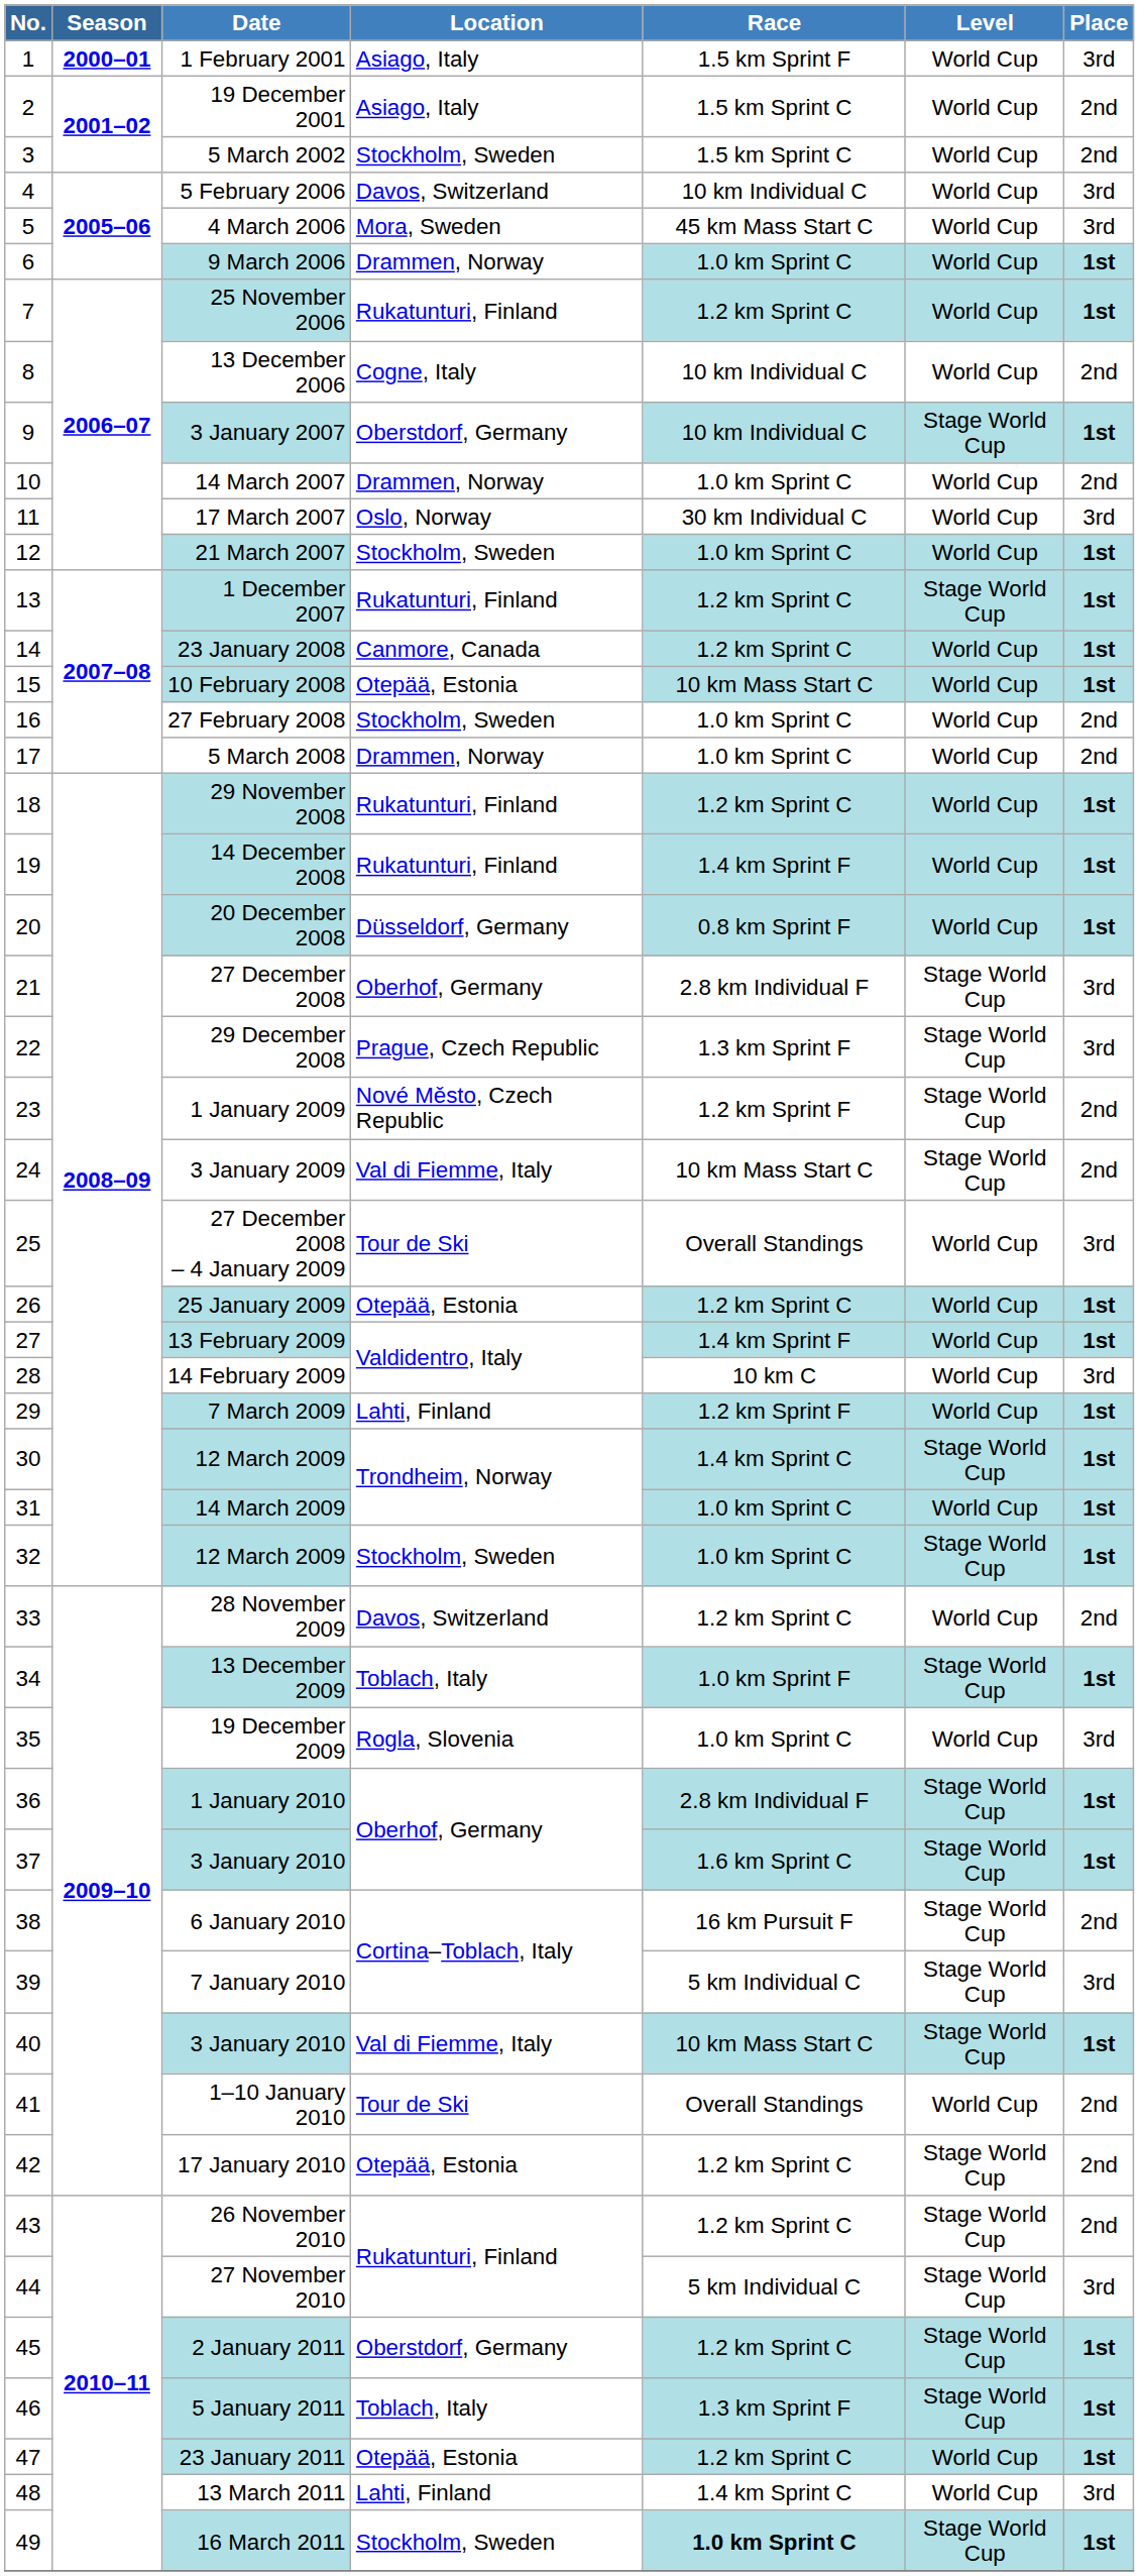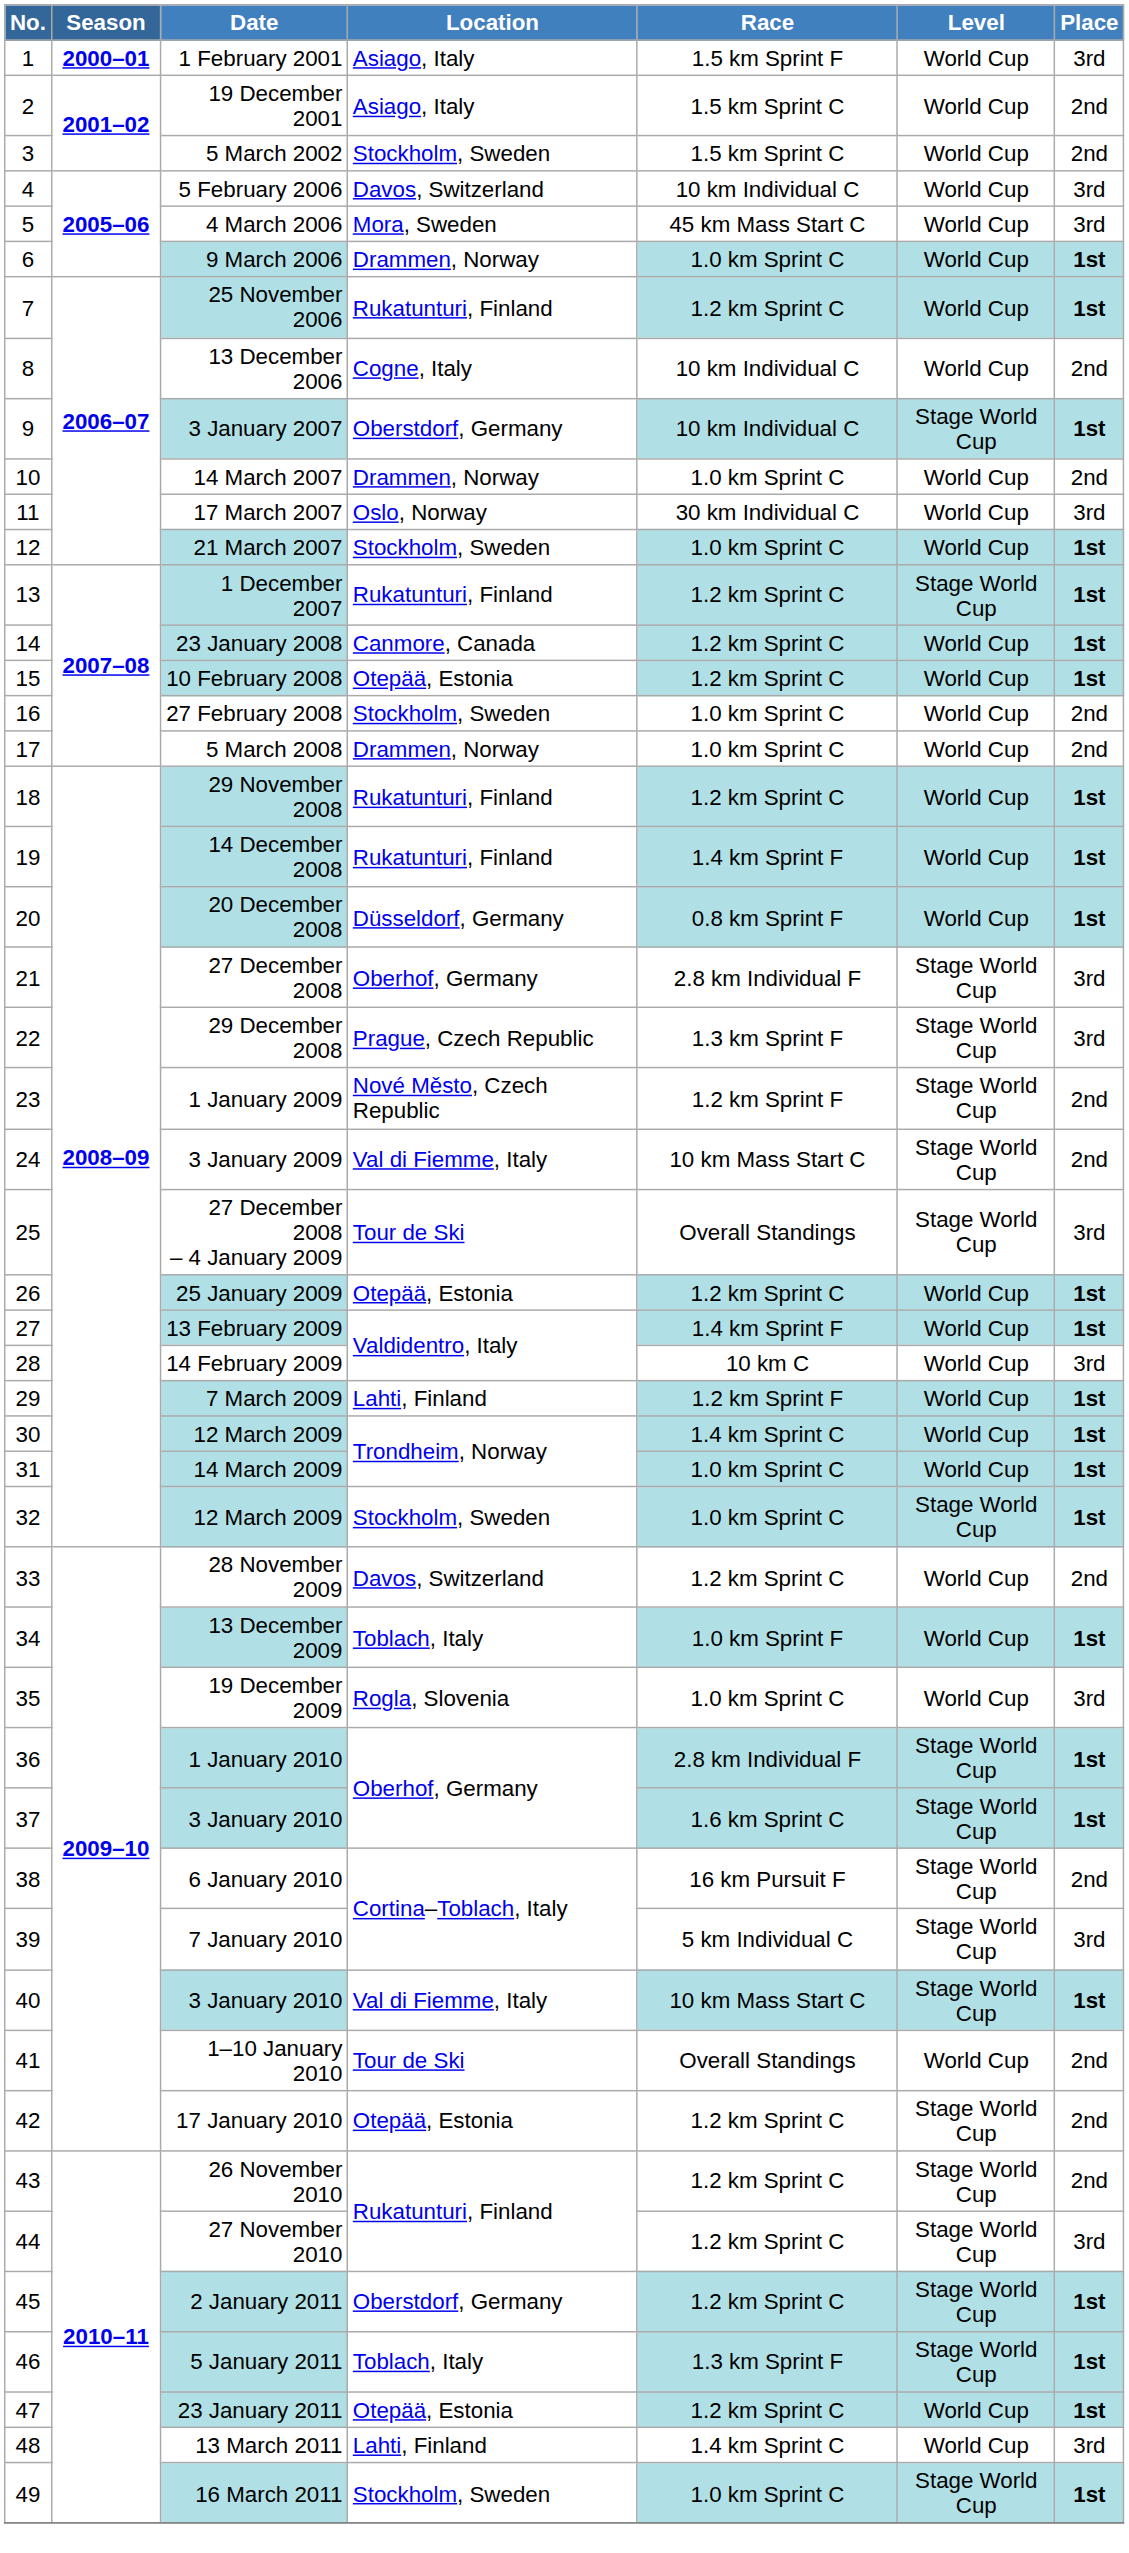 <table class="wikitable sortable" style="font-size:95%; text-align:center; border:grey solid 1px; border-collapse:collapse; background:#ffffff;">
 <tr style="background:#efefef;">
 <th style="background-color:#369; color:white;">No.</th>
 <th style="background-color:#369; color:white;">Season</th>
 <th style="background-color:#4180be; color:white; width:120px;">Date</th>
 <th style="background-color:#4180be; color:white; width:190px;">Location</th>
 <th style="background-color:#4180be; color:white; width:170px;">Race</th>
 <th style="background-color:#4180be; color:white; width:100px;">Level</th>
 <th style="background-color:#4180be; color:white;">Place</th>
 </tr>
 <tr>
 <td align=center>1</td>
 <td rowspan=1 align=center><strong> <a href='#'>2000–01</a> </strong></td>
 <td align=right>1 February 2001</td>
 <td align=left> <a href='#'>Asiago</a>, Italy</td>
 <td>1.5 km Sprint F</td>
 <td>World Cup</td>
 <td>3rd</td>
 </tr>
 <tr>
 <td align=center>2</td>
 <td rowspan=2 align=center><strong> <a href='#'>2001–02</a> </strong></td>
 <td align=right>19 December 2001</td>
 <td align=left> <a href='#'>Asiago</a>, Italy</td>
 <td>1.5 km Sprint C</td>
 <td>World Cup</td>
 <td>2nd</td>
 </tr>
 <tr>
 <td align=center>3</td>
 <td align=right>5 March 2002</td>
 <td align=left> <a href='#'>Stockholm</a>, Sweden</td>
 <td>1.5 km Sprint C</td>
 <td>World Cup</td>
 <td>2nd</td>
 </tr>
 <tr>
 <td align=center>4</td>
 <td rowspan=3 align=center><strong> <a href='#'>2005–06</a> </strong></td>
 <td align=right>5 February 2006</td>
 <td align=left> <a href='#'>Davos</a>, Switzerland</td>
 <td>10 km Individual C</td>
 <td>World Cup</td>
 <td>3rd</td>
 </tr>
 <tr>
 <td align=center>5</td>
 <td align=right>4 March 2006</td>
 <td align=left> <a href='#'>Mora</a>, Sweden</td>
 <td>45 km Mass Start C</td>
 <td>World Cup</td>
 <td>3rd</td>
 </tr>
 <tr>
 <td align=center>6</td>
 <td bgcolor="#BOEOE6" align=right>9 March 2006</td>
 <td align=left> <a href='#'>Drammen</a>, Norway</td>
 <td bgcolor="#BOEOE6">1.0 km Sprint C</td>
 <td bgcolor="#BOEOE6">World Cup</td>
 <td bgcolor="#BOEOE6"><strong>1st</strong></td>
 </tr>
 <tr>
 <td align=center>7</td>
 <td rowspan=6 align=center><strong><a href='#'>2006–07</a></strong></td>
 <td bgcolor="#BOEOE6" align=right>25 November 2006</td>
 <td align=left> <a href='#'>Rukatunturi</a>, Finland</td>
 <td bgcolor="#BOEOE6">1.2 km Sprint C</td>
 <td bgcolor="#BOEOE6">World Cup</td>
 <td bgcolor="#BOEOE6"><strong>1st</strong></td>
 </tr>
 <tr>
 <td align=center>8</td>
 <td align=right>13 December 2006</td>
 <td align=left> <a href='#'>Cogne</a>, Italy</td>
 <td>10 km Individual C</td>
 <td>World Cup</td>
 <td>2nd</td>
 </tr>
 <tr>
 <td align=center>9</td>
 <td bgcolor="#BOEOE6" align=right>3 January 2007</td>
 <td align=left> <a href='#'>Oberstdorf</a>, Germany</td>
 <td bgcolor="#BOEOE6">10 km Individual C</td>
 <td bgcolor="#BOEOE6">Stage World Cup</td>
 <td bgcolor="#BOEOE6"><strong>1st</strong></td>
 </tr>
 <tr>
 <td align=center>10</td>
 <td align=right>14  March 2007</td>
 <td align=left> <a href='#'>Drammen</a>, Norway</td>
 <td>1.0 km Sprint C</td>
 <td>World Cup</td>
 <td>2nd</td>
 </tr>
 <tr>
 <td align=center>11</td>
 <td align=right>17  March 2007</td>
 <td align=left> <a href='#'>Oslo</a>, Norway</td>
 <td>30 km Individual C</td>
 <td>World Cup</td>
 <td>3rd</td>
 </tr>
 <tr>
 <td align=center>12</td>
 <td bgcolor="#BOEOE6" align=right>21 March 2007</td>
 <td align=left> <a href='#'>Stockholm</a>, Sweden</td>
 <td bgcolor="#BOEOE6">1.0 km Sprint C</td>
 <td bgcolor="#BOEOE6">World Cup</td>
 <td bgcolor="#BOEOE6"><strong>1st</strong></td>
 </tr>
 <tr>
 <td align=center>13</td>
 <td rowspan=5 align=center><strong><a href='#'>2007–08</a></strong></td>
 <td bgcolor="#BOEOE6" align=right>1 December 2007</td>
 <td align=left> <a href='#'>Rukatunturi</a>, Finland</td>
 <td bgcolor="#BOEOE6">1.2 km Sprint C</td>
 <td bgcolor="#BOEOE6">Stage World Cup</td>
 <td bgcolor="#BOEOE6"><strong>1st</strong></td>
 </tr>
 <tr>
 <td align=center>14</td>
 <td bgcolor="#BOEOE6" align=right>23 January 2008</td>
 <td align=left> <a href='#'>Canmore</a>, Canada</td>
 <td bgcolor="#BOEOE6">1.2 km Sprint C</td>
 <td bgcolor="#BOEOE6">World Cup</td>
 <td bgcolor="#BOEOE6"><strong>1st</strong></td>
 </tr>
 <tr>
 <td align=center>15</td>
 <td bgcolor="#BOEOE6" align=right>10 February 2008</td>
 <td align=left> <a href='#'>Otepää</a>, Estonia</td>
-<td bgcolor="#BOEOE6">10 km Mass Start C</td>
+<td bgcolor="#BOEOE6">1.2 km Sprint C</td>
 <td bgcolor="#BOEOE6">World Cup</td>
 <td bgcolor="#BOEOE6"><strong>1st</strong></td>
 </tr>
 <tr>
 <td align=center>16</td>
 <td align=right>27 February 2008</td>
 <td align=left> <a href='#'>Stockholm</a>, Sweden</td>
 <td>1.0 km Sprint C</td>
 <td>World Cup</td>
 <td>2nd</td>
 </tr>
 <tr>
 <td align=center>17</td>
 <td align=right>5  March 2008</td>
 <td align=left> <a href='#'>Drammen</a>, Norway</td>
 <td>1.0 km Sprint C</td>
 <td>World Cup</td>
 <td>2nd</td>
 </tr>
 <tr>
 <td align=center>18</td>
 <td rowspan=15 align=center><strong><a href='#'>2008–09</a></strong></td>
 <td bgcolor="#BOEOE6" align=right>29 November 2008</td>
 <td align=left> <a href='#'>Rukatunturi</a>, Finland</td>
 <td bgcolor="#BOEOE6">1.2 km Sprint C</td>
 <td bgcolor="#BOEOE6">World Cup</td>
 <td bgcolor="#BOEOE6"><strong>1st</strong></td>
 </tr>
 <tr>
 <td align=center>19</td>
 <td bgcolor="#BOEOE6" align=right>14 December 2008</td>
 <td align=left> <a href='#'>Rukatunturi</a>, Finland</td>
 <td bgcolor="#BOEOE6">1.4 km Sprint F</td>
 <td bgcolor="#BOEOE6">World Cup</td>
 <td bgcolor="#BOEOE6"><strong>1st</strong></td>
 </tr>
 <tr>
 <td align=center>20</td>
 <td bgcolor="#BOEOE6" align=right>20 December 2008</td>
 <td align=left> <a href='#'>Düsseldorf</a>, Germany</td>
 <td bgcolor="#BOEOE6">0.8 km Sprint F</td>
 <td bgcolor="#BOEOE6">World Cup</td>
 <td bgcolor="#BOEOE6"><strong>1st</strong></td>
 </tr>
 <tr>
 <td align=center>21</td>
 <td align=right>27 December 2008</td>
 <td align=left> <a href='#'>Oberhof</a>, Germany</td>
 <td>2.8 km Individual F</td>
 <td>Stage World Cup</td>
 <td>3rd</td>
 </tr>
 <tr>
 <td align=center>22</td>
 <td align=right>29 December 2008</td>
 <td align=left> <a href='#'>Prague</a>, Czech Republic</td>
 <td>1.3 km Sprint F</td>
 <td>Stage World Cup</td>
 <td>3rd</td>
 </tr>
 <tr>
 <td align=center>23</td>
 <td align=right>1 January 2009</td>
 <td align=left> <a href='#'>Nové Město</a>, Czech Republic</td>
 <td>1.2 km Sprint F</td>
 <td>Stage World Cup</td>
 <td>2nd</td>
 </tr>
 <tr>
 <td align=center>24</td>
 <td align=right>3 January 2009</td>
 <td align=left> <a href='#'>Val di Fiemme</a>, Italy</td>
 <td>10 km Mass Start C</td>
 <td>Stage World Cup</td>
 <td>2nd</td>
 </tr>
 <tr>
 <td align=center>25</td>
 <td align=right>27 December 2008<br> – 4 January 2009</td>
 <td align=left> <a href='#'>Tour de Ski</a></td>
 <td>Overall Standings</td>
-<td>World Cup</td>
+<td>Stage World Cup</td>
 <td>3rd</td>
 </tr>
 <tr>
 <td align=center>26</td>
 <td bgcolor="#BOEOE6" align=right>25 January 2009</td>
 <td align=left> <a href='#'>Otepää</a>, Estonia</td>
 <td bgcolor="#BOEOE6">1.2 km Sprint C</td>
 <td bgcolor="#BOEOE6">World Cup</td>
 <td bgcolor="#BOEOE6"><strong>1st</strong></td>
 </tr>
 <tr>
 <td align=center>27</td>
 <td bgcolor="#BOEOE6" align=right>13 February 2009</td>
 <td rowspan=2 align=left> <a href='#'>Valdidentro</a>, Italy</td>
 <td bgcolor="#BOEOE6">1.4 km Sprint F</td>
 <td bgcolor="#BOEOE6">World Cup</td>
 <td bgcolor="#BOEOE6"><strong>1st</strong></td>
 </tr>
 <tr>
 <td align=center>28</td>
 <td align=right>14 February 2009</td>
 <td>10 km C</td>
 <td>World Cup</td>
 <td>3rd</td>
 </tr>
 <tr>
 <td align=center>29</td>
 <td bgcolor="#BOEOE6" align=right>7 March 2009</td>
 <td align=left> <a href='#'>Lahti</a>, Finland</td>
 <td bgcolor="#BOEOE6">1.2 km Sprint F</td>
 <td bgcolor="#BOEOE6">World Cup</td>
 <td bgcolor="#BOEOE6"><strong>1st</strong></td>
 </tr>
 <tr>
 <td align=center>30</td>
 <td bgcolor="#BOEOE6" align=right>12 March 2009</td>
 <td rowspan=2 align=left> <a href='#'>Trondheim</a>, Norway</td>
 <td bgcolor="#BOEOE6">1.4 km Sprint C</td>
-<td bgcolor="#BOEOE6">Stage World Cup</td>
+<td bgcolor="#BOEOE6">World Cup</td>
 <td bgcolor="#BOEOE6"><strong>1st</strong></td>
 </tr>
 <tr>
 <td align=center>31</td>
 <td bgcolor="#BOEOE6" align=right>14 March 2009</td>
 <td bgcolor="#BOEOE6">1.0 km Sprint C</td>
 <td bgcolor="#BOEOE6">World Cup</td>
 <td bgcolor="#BOEOE6"><strong>1st</strong></td>
 </tr>
 <tr>
 <td align=center>32</td>
 <td bgcolor="#BOEOE6" align=right>12 March 2009</td>
 <td align=left> <a href='#'>Stockholm</a>, Sweden</td>
 <td bgcolor="#BOEOE6">1.0 km Sprint C</td>
 <td bgcolor="#BOEOE6">Stage World Cup</td>
 <td bgcolor="#BOEOE6"><strong>1st</strong></td>
 </tr>
 <tr>
 <td align=center>33</td>
 <td rowspan=10 align=center><strong> <a href='#'>2009–10</a> </strong></td>
 <td align=right>28 November 2009</td>
 <td align=left> <a href='#'>Davos</a>, Switzerland</td>
 <td>1.2 km Sprint C</td>
 <td>World Cup</td>
 <td>2nd</td>
 </tr>
 <tr>
 <td align=center>34</td>
 <td bgcolor="#BOEOE6" align=right>13 December 2009</td>
 <td align=left> <a href='#'>Toblach</a>, Italy</td>
 <td bgcolor="#BOEOE6">1.0 km Sprint F</td>
-<td bgcolor="#BOEOE6">Stage World Cup</td>
+<td bgcolor="#BOEOE6">World Cup</td>
 <td bgcolor="#BOEOE6"><strong>1st</strong></td>
 </tr>
 <tr>
 <td align=center>35</td>
 <td align=right>19 December 2009</td>
 <td align=left> <a href='#'>Rogla</a>, Slovenia</td>
 <td>1.0 km Sprint C</td>
 <td>World Cup</td>
 <td>3rd</td>
 </tr>
 <tr>
 <td align=center>36</td>
 <td bgcolor="#BOEOE6" align=right>1 January 2010</td>
 <td rowspan=2 align=left> <a href='#'>Oberhof</a>, Germany</td>
 <td bgcolor="#BOEOE6">2.8 km Individual F</td>
 <td bgcolor="#BOEOE6">Stage World Cup</td>
 <td bgcolor="#BOEOE6"><strong>1st</strong></td>
 </tr>
 <tr>
 <td align=center>37</td>
 <td bgcolor="#BOEOE6" align=right>3 January 2010</td>
 <td bgcolor="#BOEOE6">1.6 km Sprint C</td>
 <td bgcolor="#BOEOE6">Stage World Cup</td>
 <td bgcolor="#BOEOE6"><strong>1st</strong></td>
 </tr>
 <tr>
 <td align=center>38</td>
 <td align=right>6 January 2010</td>
 <td rowspan=2 align=left> <a href='#'>Cortina</a>–<a href='#'>Toblach</a>, Italy</td>
 <td>16 km Pursuit F</td>
 <td>Stage World Cup</td>
 <td>2nd</td>
 </tr>
 <tr>
 <td align=center>39</td>
 <td align=right>7 January 2010</td>
 <td>5 km Individual C</td>
 <td>Stage World Cup</td>
 <td>3rd</td>
 </tr>
 <tr>
 <td align=center>40</td>
 <td bgcolor="#BOEOE6" align=right>3 January 2010</td>
 <td align=left> <a href='#'>Val di Fiemme</a>, Italy</td>
 <td bgcolor="#BOEOE6">10 km Mass Start C</td>
 <td bgcolor="#BOEOE6">Stage World Cup</td>
 <td bgcolor="#BOEOE6"><strong>1st</strong></td>
 </tr>
 <tr>
 <td align=center>41</td>
 <td align=right>1–10 January 2010</td>
 <td align=left> <a href='#'>Tour de Ski</a></td>
 <td>Overall Standings</td>
 <td>World Cup</td>
 <td>2nd</td>
 </tr>
 <tr>
 <td align=center>42</td>
 <td align=right>17 January 2010</td>
 <td align=left> <a href='#'>Otepää</a>, Estonia</td>
 <td>1.2 km Sprint C</td>
 <td>Stage World Cup</td>
 <td>2nd</td>
 </tr>
 <tr>
 <td align=center>43</td>
 <td rowspan=7 align=center><strong> <a href='#'>2010–11</a> </strong></td>
 <td align=right>26 November 2010</td>
 <td rowspan=2 align=left> <a href='#'>Rukatunturi</a>, Finland</td>
 <td>1.2 km Sprint C</td>
 <td>Stage World Cup</td>
 <td>2nd</td>
 </tr>
 <tr>
 <td align=center>44</td>
 <td align=right>27 November 2010</td>
-<td>5 km Individual C</td>
+<td>1.2 km Sprint C</td>
 <td>Stage World Cup</td>
 <td>3rd</td>
 </tr>
 <tr>
 <td align=center>45</td>
 <td bgcolor="#BOEOE6" align=right>2 January 2011</td>
 <td align=left> <a href='#'>Oberstdorf</a>, Germany</td>
 <td bgcolor="#BOEOE6">1.2 km Sprint C</td>
 <td bgcolor="#BOEOE6">Stage World Cup</td>
 <td bgcolor="#BOEOE6"><strong>1st</strong></td>
 </tr>
 <tr>
 <td align=center>46</td>
 <td bgcolor="#BOEOE6" align=right>5 January 2011</td>
 <td align=left> <a href='#'>Toblach</a>, Italy</td>
 <td bgcolor="#BOEOE6">1.3 km Sprint F</td>
 <td bgcolor="#BOEOE6">Stage World Cup</td>
 <td bgcolor="#BOEOE6"><strong>1st</strong></td>
 </tr>
 <tr>
 <td align=center>47</td>
 <td bgcolor="#BOEOE6" align=right>23 January 2011</td>
 <td align=left> <a href='#'>Otepää</a>, Estonia</td>
 <td bgcolor="#BOEOE6">1.2 km Sprint C</td>
 <td bgcolor="#BOEOE6">World Cup</td>
 <td bgcolor="#BOEOE6"><strong>1st</strong></td>
 </tr>
 <tr>
 <td align=center>48</td>
 <td align=right>13 March 2011</td>
 <td align=left> <a href='#'>Lahti</a>, Finland</td>
 <td>1.4 km Sprint C</td>
 <td>World Cup</td>
 <td>3rd</td>
 </tr>
 <tr>
 <td align=center>49</td>
 <td bgcolor="#BOEOE6" align=right>16 March 2011</td>
 <td align=left> <a href='#'>Stockholm</a>, Sweden</td>
-<td bgcolor="#BOEOE6"><strong>1.0 km Sprint C</strong></td>
+<td bgcolor="#BOEOE6">1.0 km Sprint C</td>
 <td bgcolor="#BOEOE6">Stage World Cup</td>
 <td bgcolor="#BOEOE6"><strong>1st</strong></td>
 </tr>
 <tr>
 </tr>
 </table>
